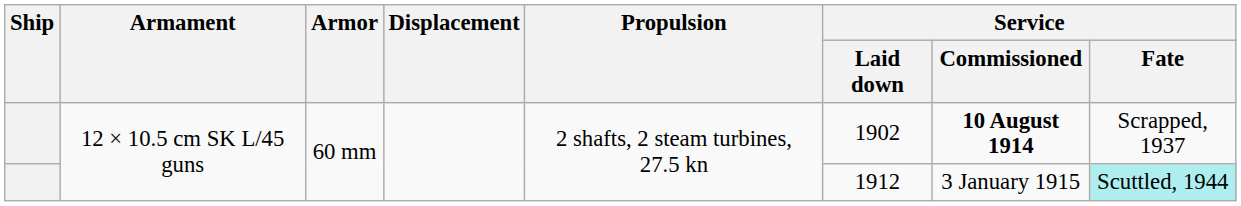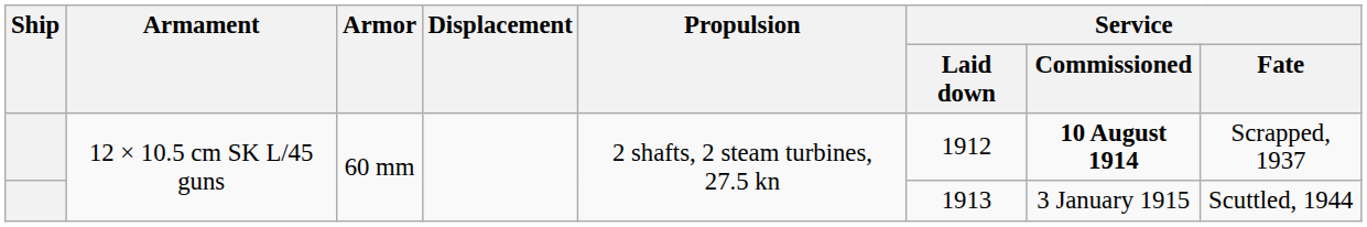 <table class="wikitable plainrowheaders" style="text-align: center;">
 <tr valign="top">
 <th scope="col" rowspan="2">Ship</th>
 <th scope="col" rowspan="2">Armament</th>
 <th scope="col" rowspan="2">Armor</th>
 <th scope="col" rowspan="2">Displacement</th>
 <th scope="col" rowspan="2">Propulsion</th>
 <th scope="col" colspan="3">Service</th>
 </tr>
 <tr valign="top">
 <th scope="col">Laid down</th>
 <th scope="col">Commissioned</th>
 <th scope="col">Fate</th>
 </tr>
 <tr valign="center">
 <th scope="row"></th>
 <td rowspan="2">12 × 10.5 cm SK L/45 guns</td>
 <td rowspan="2">60 mm</td>
 <td rowspan="2"></td>
 <td rowspan="2">2 shafts, 2 steam turbines, 27.5 kn</td>
-<td>1902</td>
+<td>1912</td>
 <td><strong>10 August 1914</strong></td>
 <td>Scrapped, 1937</td>
 </tr>
 <tr valign="center">
 <th scope="row"></th>
-<td>1912</td>
+<td>1913</td>
 <td>3 January 1915</td>
-<td style="background: paleturquoise;">Scuttled, 1944</td>
+<td>Scuttled, 1944</td>
 </tr>
 </table>
